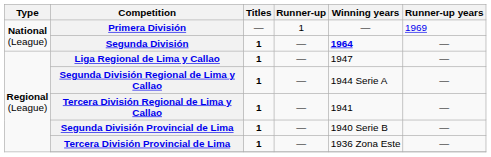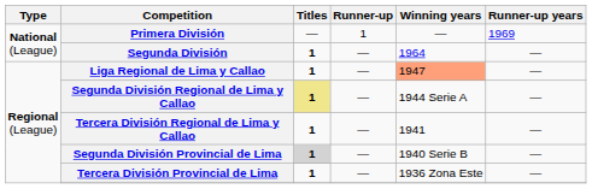 <table class="wikitable plainrowheaders" style="font-size:95%; text-align:center;">
 <tr>
 <th>Type</th>
 <th width=290px>Competition</th>
 <th>Titles</th>
 <th>Runner-up</th>
 <th>Winning years</th>
 <th>Runner-up years</th>
 </tr>
 <tr>
 <td rowspan=2><strong>National</strong><br>(League)</td>
 <th scope=col><a href='#'>Primera División</a></th>
 <td style="text-align:center;">—</td>
 <td>1</td>
 <td style="text-align:center;">—</td>
 <td align="left"><a href='#'>1969</a></td>
 </tr>
 <tr>
 <th scope="col"><a href='#'>Segunda División</a></th>
 <td><strong>1</strong></td>
 <td style="text-align:center;">—</td>
-<td align="left"><strong><a href='#'>1964</a></strong></td>
+<td align="left"><a href='#'>1964</a></td>
 <td style="text-align:center;">—</td>
 </tr>
 <tr>
 <td rowspan=6><strong>Regional</strong><br>(League)</td>
 <th scope=col><a href='#'>Liga Regional de Lima y Callao</a></th>
 <td><strong>1</strong></td>
 <td style="text-align:center;">—</td>
-<td align="left">1947</td>
+<td align="left" style="background: lightsalmon;">1947</td>
 <td style="text-align:center;">—</td>
 </tr>
 <tr>
 <th scope=col><a href='#'>Segunda División Regional de Lima y Callao</a></th>
-<td><strong>1</strong></td>
+<td style="background: khaki;"><strong>1</strong></td>
 <td style="text-align:center;">—</td>
 <td align="left">1944 Serie A</td>
 <td style="text-align:center;">—</td>
 </tr>
 <tr>
 <th scope=col><a href='#'>Tercera División Regional de Lima y Callao</a></th>
 <td><strong>1</strong></td>
 <td style="text-align:center;">—</td>
 <td align="left">1941</td>
 <td style="text-align:center;">—</td>
 </tr>
 <tr>
 <th scope=col><a href='#'>Segunda División Provincial de Lima</a></th>
-<td><strong>1</strong></td>
+<td style="background: lightgrey;"><strong>1</strong></td>
 <td style="text-align:center;">—</td>
 <td align="left">1940 Serie B</td>
 <td style="text-align:center;">—</td>
 </tr>
 <tr>
 <th scope=col><a href='#'>Tercera División Provincial de Lima</a></th>
 <td><strong>1</strong></td>
 <td style="text-align:center;">—</td>
 <td align="left">1936 Zona Este</td>
 <td style="text-align:center;">—</td>
 </tr>
 <tr>
 </tr>
 </table>
